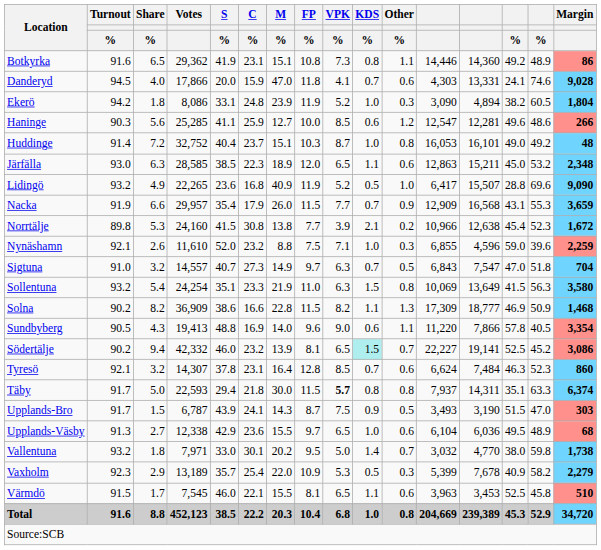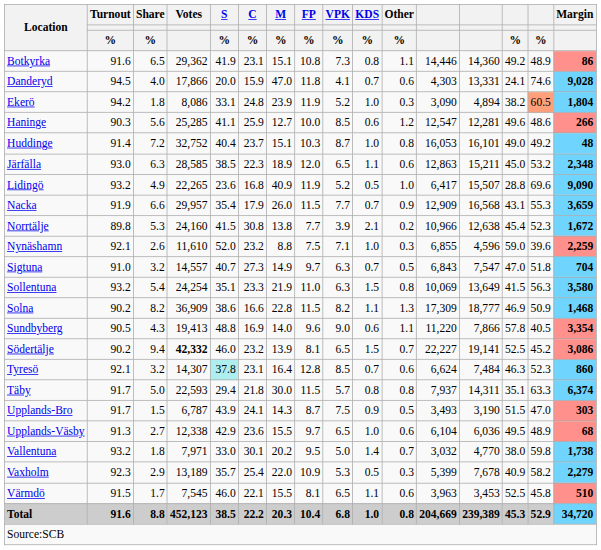 <table class="wikitable sortable" style="text-align:right; font-size:95%; line-height:20px;">
 <tr>
 <th rowspan="3">Location</th>
 <th>Turnout</th>
 <th>Share</th>
 <th>Votes</th>
 <th width="30px" class="unsortable"><a href='#'>S</a></th>
 <th width="30px" class="unsortable"><a href='#'>C</a></th>
 <th width="30px" class="unsortable"><a href='#'>M</a></th>
 <th width="30px" class="unsortable"><a href='#'>FP</a></th>
 <th width="30px" class="unsortable"><a href='#'>VPK</a></th>
 <th width="30px" class="unsortable"><a href='#'>KDS</a></th>
 <th width="30px" class="unsortable">Other</th>
 <th></th>
 <th></th>
 <th></th>
 <th></th>
 <th>Margin</th>
 </tr>
 <tr>
 <th></th>
 <th></th>
 <th></th>
 <th style="background:"></th>
 <th style="background:"></th>
 <th style="background:"></th>
 <th style="background:"></th>
 <th style="background:"></th>
 <th style="background:"></th>
 <th style="background:"></th>
 <th style="background:"></th>
 <th style="background:"></th>
 <th style="background:"></th>
 <th style="background:"></th>
 <th></th>
 </tr>
 <tr>
 <th data-sort-type="number">%</th>
 <th data-sort-type="number">%</th>
 <th></th>
 <th data-sort-type="number">%</th>
 <th data-sort-type="number">%</th>
 <th data-sort-type="number">%</th>
 <th data-sort-type="number">%</th>
 <th data-sort-type="number">%</th>
 <th data-sort-type="number">%</th>
 <th data-sort-type="number">%</th>
 <th data-sort-type="number"></th>
 <th data-sort-type="number"></th>
 <th data-sort-type="number">%</th>
 <th data-sort-type="number">%</th>
 <th data-sort-type="number"></th>
 </tr>
 <tr>
 <td align=left><a href='#'>Botkyrka</a></td>
 <td>91.6</td>
 <td>6.5</td>
 <td>29,362</td>
 <td>41.9</td>
 <td>23.1</td>
 <td>15.1</td>
 <td>10.8</td>
 <td>7.3</td>
 <td>0.8</td>
 <td>1.1</td>
 <td>14,446</td>
 <td>14,360</td>
 <td>49.2</td>
 <td>48.9</td>
 <td bgcolor=#ff908c><strong>86</strong></td>
 </tr>
 <tr>
 <td align=left><a href='#'>Danderyd</a></td>
 <td>94.5</td>
 <td>4.0</td>
 <td>17,866</td>
 <td>20.0</td>
 <td>15.9</td>
 <td>47.0</td>
 <td>11.8</td>
 <td>4.1</td>
 <td>0.7</td>
 <td>0.6</td>
 <td>4,303</td>
 <td>13,331</td>
 <td>24.1</td>
 <td>74.6</td>
 <td bgcolor=#6fd5fe><strong>9,028</strong></td>
 </tr>
 <tr>
 <td align=left><a href='#'>Ekerö</a></td>
 <td>94.2</td>
 <td>1.8</td>
 <td>8,086</td>
 <td>33.1</td>
 <td>24.8</td>
 <td>23.9</td>
 <td>11.9</td>
 <td>5.2</td>
 <td>1.0</td>
 <td>0.3</td>
 <td>3,090</td>
 <td>4,894</td>
 <td>38.2</td>
-<td>60.5</td>
+<td style="background: lightsalmon;">60.5</td>
 <td bgcolor=#6fd5fe><strong>1,804</strong></td>
 </tr>
 <tr>
 <td align=left><a href='#'>Haninge</a></td>
 <td>90.3</td>
 <td>5.6</td>
 <td>25,285</td>
 <td>41.1</td>
 <td>25.9</td>
 <td>12.7</td>
 <td>10.0</td>
 <td>8.5</td>
 <td>0.6</td>
 <td>1.2</td>
 <td>12,547</td>
 <td>12,281</td>
 <td>49.6</td>
 <td>48.6</td>
 <td bgcolor=#ff908c><strong>266</strong></td>
 </tr>
 <tr>
 <td align=left><a href='#'>Huddinge</a></td>
 <td>91.4</td>
 <td>7.2</td>
 <td>32,752</td>
 <td>40.4</td>
 <td>23.7</td>
 <td>15.1</td>
 <td>10.3</td>
 <td>8.7</td>
 <td>1.0</td>
 <td>0.8</td>
 <td>16,053</td>
 <td>16,101</td>
 <td>49.0</td>
 <td>49.2</td>
 <td bgcolor=#6fd5fe><strong>48</strong></td>
 </tr>
 <tr>
 <td align=left><a href='#'>Järfälla</a></td>
 <td>93.0</td>
 <td>6.3</td>
 <td>28,585</td>
 <td>38.5</td>
 <td>22.3</td>
 <td>18.9</td>
 <td>12.0</td>
 <td>6.5</td>
 <td>1.1</td>
 <td>0.6</td>
 <td>12,863</td>
 <td>15,211</td>
 <td>45.0</td>
 <td>53.2</td>
 <td bgcolor=#6fd5fe><strong>2,348</strong></td>
 </tr>
 <tr>
 <td align=left><a href='#'>Lidingö</a></td>
 <td>93.2</td>
 <td>4.9</td>
 <td>22,265</td>
 <td>23.6</td>
 <td>16.8</td>
 <td>40.9</td>
 <td>11.9</td>
 <td>5.2</td>
 <td>0.5</td>
 <td>1.0</td>
 <td>6,417</td>
 <td>15,507</td>
 <td>28.8</td>
 <td>69.6</td>
 <td bgcolor=#6fd5fe><strong>9,090</strong></td>
 </tr>
 <tr>
 <td align=left><a href='#'>Nacka</a></td>
 <td>91.9</td>
 <td>6.6</td>
 <td>29,957</td>
 <td>35.4</td>
 <td>17.9</td>
 <td>26.0</td>
 <td>11.5</td>
 <td>7.7</td>
 <td>0.7</td>
 <td>0.9</td>
 <td>12,909</td>
 <td>16,568</td>
 <td>43.1</td>
 <td>55.3</td>
 <td bgcolor=#6fd5fe><strong>3,659</strong></td>
 </tr>
 <tr>
 <td align=left><a href='#'>Norrtälje</a></td>
 <td>89.8</td>
 <td>5.3</td>
 <td>24,160</td>
 <td>41.5</td>
 <td>30.8</td>
 <td>13.8</td>
 <td>7.7</td>
 <td>3.9</td>
 <td>2.1</td>
 <td>0.2</td>
 <td>10,966</td>
 <td>12,638</td>
 <td>45.4</td>
 <td>52.3</td>
 <td bgcolor=#6fd5fe><strong>1,672</strong></td>
 </tr>
 <tr>
 <td align=left><a href='#'>Nynäshamn</a></td>
 <td>92.1</td>
 <td>2.6</td>
 <td>11,610</td>
 <td>52.0</td>
 <td>23.2</td>
 <td>8.8</td>
 <td>7.5</td>
 <td>7.1</td>
 <td>1.0</td>
 <td>0.3</td>
 <td>6,855</td>
 <td>4,596</td>
 <td>59.0</td>
 <td>39.6</td>
 <td bgcolor=#ff908c><strong>2,259</strong></td>
 </tr>
 <tr>
 <td align=left><a href='#'>Sigtuna</a></td>
 <td>91.0</td>
 <td>3.2</td>
 <td>14,557</td>
 <td>40.7</td>
 <td>27.3</td>
 <td>14.9</td>
 <td>9.7</td>
 <td>6.3</td>
 <td>0.7</td>
 <td>0.5</td>
 <td>6,843</td>
 <td>7,547</td>
 <td>47.0</td>
 <td>51.8</td>
 <td bgcolor=#6fd5fe><strong>704</strong></td>
 </tr>
 <tr>
 <td align=left><a href='#'>Sollentuna</a></td>
 <td>93.2</td>
 <td>5.4</td>
 <td>24,254</td>
 <td>35.1</td>
 <td>23.3</td>
 <td>21.9</td>
 <td>11.0</td>
 <td>6.3</td>
 <td>1.5</td>
 <td>0.8</td>
 <td>10,069</td>
 <td>13,649</td>
 <td>41.5</td>
 <td>56.3</td>
 <td bgcolor=#6fd5fe><strong>3,580</strong></td>
 </tr>
 <tr>
 <td align=left><a href='#'>Solna</a></td>
 <td>90.2</td>
 <td>8.2</td>
 <td>36,909</td>
 <td>38.6</td>
 <td>16.6</td>
 <td>22.8</td>
 <td>11.5</td>
 <td>8.2</td>
 <td>1.1</td>
 <td>1.3</td>
 <td>17,309</td>
 <td>18,777</td>
 <td>46.9</td>
 <td>50.9</td>
 <td bgcolor=#6fd5fe><strong>1,468</strong></td>
 </tr>
 <tr>
 <td align=left><a href='#'>Sundbyberg</a></td>
 <td>90.5</td>
 <td>4.3</td>
 <td>19,413</td>
 <td>48.8</td>
 <td>16.9</td>
 <td>14.0</td>
 <td>9.6</td>
 <td>9.0</td>
 <td>0.6</td>
 <td>1.1</td>
 <td>11,220</td>
 <td>7,866</td>
 <td>57.8</td>
 <td>40.5</td>
 <td bgcolor=#ff908c><strong>3,354</strong></td>
 </tr>
 <tr>
 <td align=left><a href='#'>Södertälje</a></td>
 <td>90.2</td>
 <td>9.4</td>
-<td>42,332</td>
+<td><strong>42,332</strong></td>
 <td>46.0</td>
 <td>23.2</td>
 <td>13.9</td>
 <td>8.1</td>
 <td>6.5</td>
-<td style="background: paleturquoise;">1.5</td>
+<td>1.5</td>
 <td>0.7</td>
 <td>22,227</td>
 <td>19,141</td>
 <td>52.5</td>
 <td>45.2</td>
 <td bgcolor=#ff908c><strong>3,086</strong></td>
 </tr>
 <tr>
 <td align=left><a href='#'>Tyresö</a></td>
 <td>92.1</td>
 <td>3.2</td>
 <td>14,307</td>
-<td>37.8</td>
+<td style="background: paleturquoise;">37.8</td>
 <td>23.1</td>
 <td>16.4</td>
 <td>12.8</td>
 <td>8.5</td>
 <td>0.7</td>
 <td>0.6</td>
 <td>6,624</td>
 <td>7,484</td>
 <td>46.3</td>
 <td>52.3</td>
 <td bgcolor=#6fd5fe><strong>860</strong></td>
 </tr>
 <tr>
 <td align=left><a href='#'>Täby</a></td>
 <td>91.7</td>
 <td>5.0</td>
 <td>22,593</td>
 <td>29.4</td>
 <td>21.8</td>
 <td>30.0</td>
 <td>11.5</td>
-<td><strong>5.7</strong></td>
+<td>5.7</td>
 <td>0.8</td>
 <td>0.8</td>
 <td>7,937</td>
 <td>14,311</td>
 <td>35.1</td>
 <td>63.3</td>
 <td bgcolor=#6fd5fe><strong>6,374</strong></td>
 </tr>
 <tr>
 <td align=left><a href='#'>Upplands-Bro</a></td>
 <td>91.7</td>
 <td>1.5</td>
 <td>6,787</td>
 <td>43.9</td>
 <td>24.1</td>
 <td>14.3</td>
 <td>8.7</td>
 <td>7.5</td>
 <td>0.9</td>
 <td>0.5</td>
 <td>3,493</td>
 <td>3,190</td>
 <td>51.5</td>
 <td>47.0</td>
 <td bgcolor=#ff908c><strong>303</strong></td>
 </tr>
 <tr>
 <td align=left><a href='#'>Upplands-Väsby</a></td>
 <td>91.3</td>
 <td>2.7</td>
 <td>12,338</td>
 <td>42.9</td>
 <td>23.6</td>
 <td>15.5</td>
 <td>9.7</td>
 <td>6.5</td>
 <td>1.0</td>
 <td>0.6</td>
 <td>6,104</td>
 <td>6,036</td>
 <td>49.5</td>
 <td>48.9</td>
 <td bgcolor=#ff908c><strong>68</strong></td>
 </tr>
 <tr>
 <td align=left><a href='#'>Vallentuna</a></td>
 <td>93.2</td>
 <td>1.8</td>
 <td>7,971</td>
 <td>33.0</td>
 <td>30.1</td>
 <td>20.2</td>
 <td>9.5</td>
 <td>5.0</td>
 <td>1.4</td>
 <td>0.7</td>
 <td>3,032</td>
 <td>4,770</td>
 <td>38.0</td>
 <td>59.8</td>
 <td bgcolor=#6fd5fe><strong>1,738</strong></td>
 </tr>
 <tr>
 <td align=left><a href='#'>Vaxholm</a></td>
 <td>92.3</td>
 <td>2.9</td>
 <td>13,189</td>
 <td>35.7</td>
 <td>25.4</td>
 <td>22.0</td>
 <td>10.9</td>
 <td>5.3</td>
 <td>0.5</td>
 <td>0.3</td>
 <td>5,399</td>
 <td>7,678</td>
 <td>40.9</td>
 <td>58.2</td>
 <td bgcolor=#6fd5fe><strong>2,279</strong></td>
 </tr>
 <tr>
 <td align=left><a href='#'>Värmdö</a></td>
 <td>91.5</td>
 <td>1.7</td>
 <td>7,545</td>
 <td>46.0</td>
 <td>22.1</td>
 <td>15.5</td>
 <td>8.1</td>
 <td>6.5</td>
 <td>1.1</td>
 <td>0.6</td>
 <td>3,963</td>
 <td>3,453</td>
 <td>52.5</td>
 <td>45.8</td>
 <td bgcolor=#ff908c><strong>510</strong></td>
 </tr>
 <tr style="background:#CDCDCD;">
 <td align=left><strong>Total</strong></td>
 <td><strong>91.6</strong></td>
 <td><strong>8.8</strong></td>
 <td><strong>452,123</strong></td>
 <td><strong>38.5</strong></td>
 <td><strong>22.2</strong></td>
 <td><strong>20.3</strong></td>
 <td><strong>10.4</strong></td>
 <td><strong>6.8</strong></td>
 <td><strong>1.0</strong></td>
 <td><strong>0.8</strong></td>
 <td><strong>204,669</strong></td>
 <td><strong>239,389</strong></td>
 <td><strong>45.3</strong></td>
 <td><strong>52.9</strong></td>
 <td bgcolor=#6fd5fe><strong>34,720</strong></td>
 </tr>
 <tr>
 <td align=left colspan=16>Source:SCB </td>
 </tr>
 </table>
